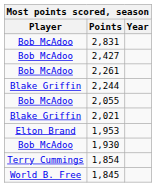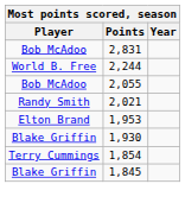 <table class="wikitable sortable" style="text-align:center">
 <tr>
 <th colspan="3">Most points scored, season</th>
 </tr>
 <tr>
 <th>Player</th>
 <th>Points</th>
 <th>Year</th>
 </tr>
 <tr>
 <td><a href='#'>Bob McAdoo</a></td>
 <td>2,831</td>
 <td></td>
 </tr>
 <tr>
-<td><a href='#'>Bob McAdoo</a></td>
-<td>2,427</td>
-<td></td>
-</tr>
-<tr>
-<td><a href='#'>Bob McAdoo</a></td>
-<td>2,261</td>
-<td></td>
-</tr>
-<tr>
-<td><a href='#'>Blake Griffin</a></td>
+<td><a href='#'>World B. Free</a></td>
 <td>2,244</td>
 <td></td>
 </tr>
 <tr>
 <td><a href='#'>Bob McAdoo</a></td>
 <td>2,055</td>
 <td></td>
 </tr>
 <tr>
-<td><a href='#'>Blake Griffin</a></td>
+<td><a href='#'>Randy Smith</a></td>
 <td>2,021</td>
 <td></td>
 </tr>
 <tr>
 <td><a href='#'>Elton Brand</a></td>
 <td>1,953</td>
 <td></td>
 </tr>
 <tr>
-<td><a href='#'>Bob McAdoo</a></td>
+<td><a href='#'>Blake Griffin</a></td>
 <td>1,930</td>
 <td></td>
 </tr>
 <tr>
 <td><a href='#'>Terry Cummings</a></td>
 <td>1,854</td>
 <td></td>
 </tr>
 <tr>
-<td><a href='#'>World B. Free</a></td>
+<td><a href='#'>Blake Griffin</a></td>
 <td>1,845</td>
 <td></td>
 </tr>
 </table>
